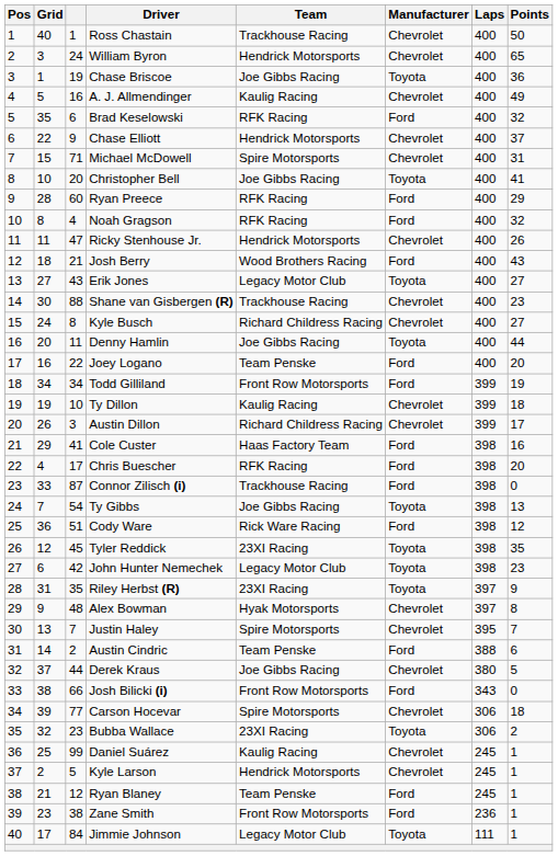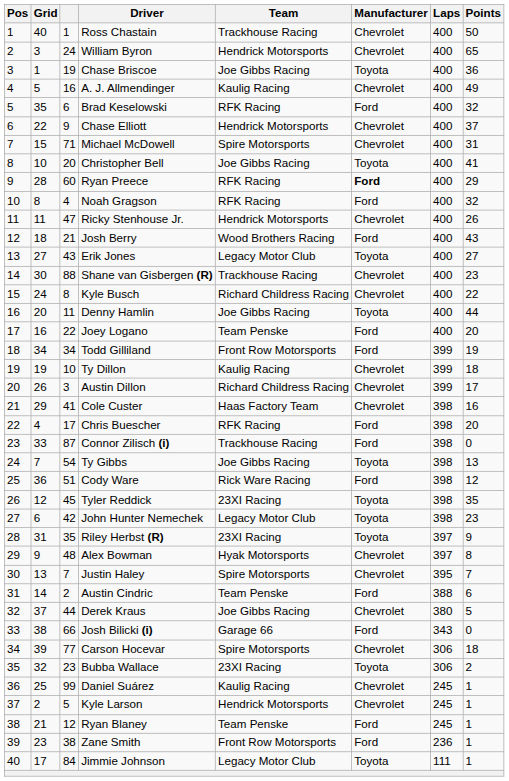 <table class="wikitable" style="font-size:98%">
 <tr>
 <th>Pos</th>
 <th>Grid</th>
 <th></th>
 <th>Driver</th>
 <th>Team</th>
 <th>Manufacturer</th>
 <th>Laps</th>
 <th>Points</th>
 </tr>
 <tr>
 <td>1</td>
 <td>40</td>
 <td>1</td>
 <td>Ross Chastain</td>
 <td>Trackhouse Racing</td>
 <td>Chevrolet</td>
 <td>400</td>
 <td>50</td>
 </tr>
 <tr>
 <td>2</td>
 <td>3</td>
 <td>24</td>
 <td>William Byron</td>
 <td>Hendrick Motorsports</td>
 <td>Chevrolet</td>
 <td>400</td>
 <td>65</td>
 </tr>
 <tr>
 <td>3</td>
 <td>1</td>
 <td>19</td>
 <td>Chase Briscoe</td>
 <td>Joe Gibbs Racing</td>
 <td>Toyota</td>
 <td>400</td>
 <td>36</td>
 </tr>
 <tr>
 <td>4</td>
 <td>5</td>
 <td>16</td>
 <td>A. J. Allmendinger</td>
 <td>Kaulig Racing</td>
 <td>Chevrolet</td>
 <td>400</td>
 <td>49</td>
 </tr>
 <tr>
 <td>5</td>
 <td>35</td>
 <td>6</td>
 <td>Brad Keselowski</td>
 <td>RFK Racing</td>
 <td>Ford</td>
 <td>400</td>
 <td>32</td>
 </tr>
 <tr>
 <td>6</td>
 <td>22</td>
 <td>9</td>
 <td>Chase Elliott</td>
 <td>Hendrick Motorsports</td>
 <td>Chevrolet</td>
 <td>400</td>
 <td>37</td>
 </tr>
 <tr>
 <td>7</td>
 <td>15</td>
 <td>71</td>
 <td>Michael McDowell</td>
 <td>Spire Motorsports</td>
 <td>Chevrolet</td>
 <td>400</td>
 <td>31</td>
 </tr>
 <tr>
 <td>8</td>
 <td>10</td>
 <td>20</td>
 <td>Christopher Bell</td>
 <td>Joe Gibbs Racing</td>
 <td>Toyota</td>
 <td>400</td>
 <td>41</td>
 </tr>
 <tr>
 <td>9</td>
 <td>28</td>
 <td>60</td>
 <td>Ryan Preece</td>
 <td>RFK Racing</td>
-<td>Ford</td>
+<td><strong>Ford</strong></td>
 <td>400</td>
 <td>29</td>
 </tr>
 <tr>
 <td>10</td>
 <td>8</td>
 <td>4</td>
 <td>Noah Gragson</td>
 <td>RFK Racing</td>
 <td>Ford</td>
 <td>400</td>
 <td>32</td>
 </tr>
 <tr>
 <td>11</td>
 <td>11</td>
 <td>47</td>
 <td>Ricky Stenhouse Jr.</td>
 <td>Hendrick Motorsports</td>
 <td>Chevrolet</td>
 <td>400</td>
 <td>26</td>
 </tr>
 <tr>
 <td>12</td>
 <td>18</td>
 <td>21</td>
 <td>Josh Berry</td>
 <td>Wood Brothers Racing</td>
 <td>Ford</td>
 <td>400</td>
 <td>43</td>
 </tr>
 <tr>
 <td>13</td>
 <td>27</td>
 <td>43</td>
 <td>Erik Jones</td>
 <td>Legacy Motor Club</td>
 <td>Toyota</td>
 <td>400</td>
 <td>27</td>
 </tr>
 <tr>
 <td>14</td>
 <td>30</td>
 <td>88</td>
 <td>Shane van Gisbergen <strong>(R)</strong></td>
 <td>Trackhouse Racing</td>
 <td>Chevrolet</td>
 <td>400</td>
 <td>23</td>
 </tr>
 <tr>
 <td>15</td>
 <td>24</td>
 <td>8</td>
 <td>Kyle Busch</td>
 <td>Richard Childress Racing</td>
 <td>Chevrolet</td>
 <td>400</td>
-<td>27</td>
+<td>22</td>
 </tr>
 <tr>
 <td>16</td>
 <td>20</td>
 <td>11</td>
 <td>Denny Hamlin</td>
 <td>Joe Gibbs Racing</td>
 <td>Toyota</td>
 <td>400</td>
 <td>44</td>
 </tr>
 <tr>
 <td>17</td>
 <td>16</td>
 <td>22</td>
 <td>Joey Logano</td>
 <td>Team Penske</td>
 <td>Ford</td>
 <td>400</td>
 <td>20</td>
 </tr>
 <tr>
 <td>18</td>
 <td>34</td>
 <td>34</td>
 <td>Todd Gilliland</td>
 <td>Front Row Motorsports</td>
 <td>Ford</td>
 <td>399</td>
 <td>19</td>
 </tr>
 <tr>
 <td>19</td>
 <td>19</td>
 <td>10</td>
 <td>Ty Dillon</td>
 <td>Kaulig Racing</td>
 <td>Chevrolet</td>
 <td>399</td>
 <td>18</td>
 </tr>
 <tr>
 <td>20</td>
 <td>26</td>
 <td>3</td>
 <td>Austin Dillon</td>
 <td>Richard Childress Racing</td>
 <td>Chevrolet</td>
 <td>399</td>
 <td>17</td>
 </tr>
 <tr>
 <td>21</td>
 <td>29</td>
 <td>41</td>
 <td>Cole Custer</td>
 <td>Haas Factory Team</td>
-<td>Ford</td>
+<td>Chevrolet</td>
 <td>398</td>
 <td>16</td>
 </tr>
 <tr>
 <td>22</td>
 <td>4</td>
 <td>17</td>
 <td>Chris Buescher</td>
 <td>RFK Racing</td>
 <td>Ford</td>
 <td>398</td>
 <td>20</td>
 </tr>
 <tr>
 <td>23</td>
 <td>33</td>
 <td>87</td>
 <td>Connor Zilisch <strong>(i)</strong></td>
 <td>Trackhouse Racing</td>
 <td>Ford</td>
 <td>398</td>
 <td>0</td>
 </tr>
 <tr>
 <td>24</td>
 <td>7</td>
 <td>54</td>
 <td>Ty Gibbs</td>
 <td>Joe Gibbs Racing</td>
 <td>Toyota</td>
 <td>398</td>
 <td>13</td>
 </tr>
 <tr>
 <td>25</td>
 <td>36</td>
 <td>51</td>
 <td>Cody Ware</td>
 <td>Rick Ware Racing</td>
 <td>Ford</td>
 <td>398</td>
 <td>12</td>
 </tr>
 <tr>
 <td>26</td>
 <td>12</td>
 <td>45</td>
 <td>Tyler Reddick</td>
 <td>23XI Racing</td>
 <td>Toyota</td>
 <td>398</td>
 <td>35</td>
 </tr>
 <tr>
 <td>27</td>
 <td>6</td>
 <td>42</td>
 <td>John Hunter Nemechek</td>
 <td>Legacy Motor Club</td>
 <td>Toyota</td>
 <td>398</td>
 <td>23</td>
 </tr>
 <tr>
 <td>28</td>
 <td>31</td>
 <td>35</td>
 <td>Riley Herbst <strong>(R)</strong></td>
 <td>23XI Racing</td>
 <td>Toyota</td>
 <td>397</td>
 <td>9</td>
 </tr>
 <tr>
 <td>29</td>
 <td>9</td>
 <td>48</td>
 <td>Alex Bowman</td>
 <td>Hyak Motorsports</td>
 <td>Chevrolet</td>
 <td>397</td>
 <td>8</td>
 </tr>
 <tr>
 <td>30</td>
 <td>13</td>
 <td>7</td>
 <td>Justin Haley</td>
 <td>Spire Motorsports</td>
 <td>Chevrolet</td>
 <td>395</td>
 <td>7</td>
 </tr>
 <tr>
 <td>31</td>
 <td>14</td>
 <td>2</td>
 <td>Austin Cindric</td>
 <td>Team Penske</td>
 <td>Ford</td>
 <td>388</td>
 <td>6</td>
 </tr>
 <tr>
 <td>32</td>
 <td>37</td>
 <td>44</td>
 <td>Derek Kraus</td>
 <td>Joe Gibbs Racing</td>
 <td>Chevrolet</td>
 <td>380</td>
 <td>5</td>
 </tr>
 <tr>
 <td>33</td>
 <td>38</td>
 <td>66</td>
 <td>Josh Bilicki <strong>(i)</strong></td>
-<td>Front Row Motorsports</td>
+<td>Garage 66</td>
 <td>Ford</td>
 <td>343</td>
 <td>0</td>
 </tr>
 <tr>
 <td>34</td>
 <td>39</td>
 <td>77</td>
 <td>Carson Hocevar</td>
 <td>Spire Motorsports</td>
 <td>Chevrolet</td>
 <td>306</td>
 <td>18</td>
 </tr>
 <tr>
 <td>35</td>
 <td>32</td>
 <td>23</td>
 <td>Bubba Wallace</td>
 <td>23XI Racing</td>
 <td>Toyota</td>
 <td>306</td>
 <td>2</td>
 </tr>
 <tr>
 <td>36</td>
 <td>25</td>
 <td>99</td>
 <td>Daniel Suárez</td>
 <td>Kaulig Racing</td>
 <td>Chevrolet</td>
 <td>245</td>
 <td>1</td>
 </tr>
 <tr>
 <td>37</td>
 <td>2</td>
 <td>5</td>
 <td>Kyle Larson</td>
 <td>Hendrick Motorsports</td>
 <td>Chevrolet</td>
 <td>245</td>
 <td>1</td>
 </tr>
 <tr>
 <td>38</td>
 <td>21</td>
 <td>12</td>
 <td>Ryan Blaney</td>
 <td>Team Penske</td>
 <td>Ford</td>
 <td>245</td>
 <td>1</td>
 </tr>
 <tr>
 <td>39</td>
 <td>23</td>
 <td>38</td>
 <td>Zane Smith</td>
 <td>Front Row Motorsports</td>
 <td>Ford</td>
 <td>236</td>
 <td>1</td>
 </tr>
 <tr>
 <td>40</td>
 <td>17</td>
 <td>84</td>
 <td>Jimmie Johnson</td>
 <td>Legacy Motor Club</td>
 <td>Toyota</td>
 <td>111</td>
 <td>1</td>
 </tr>
 <tr>
 <th colspan="8"></th>
 </tr>
 </table>
